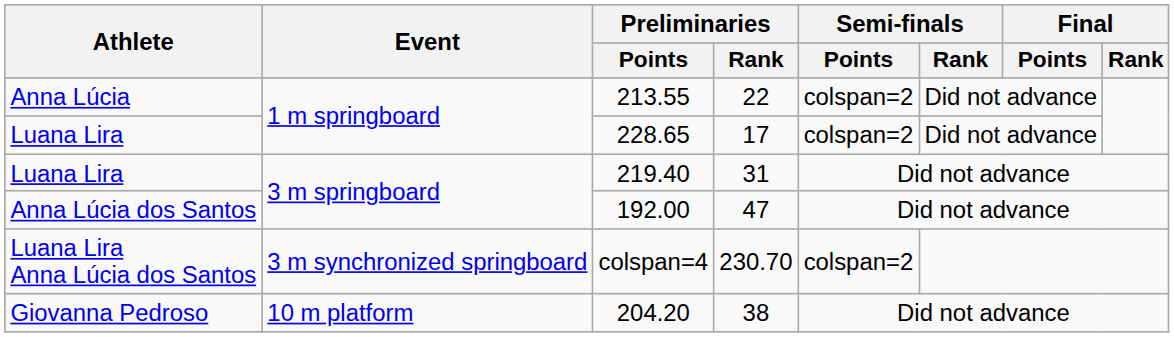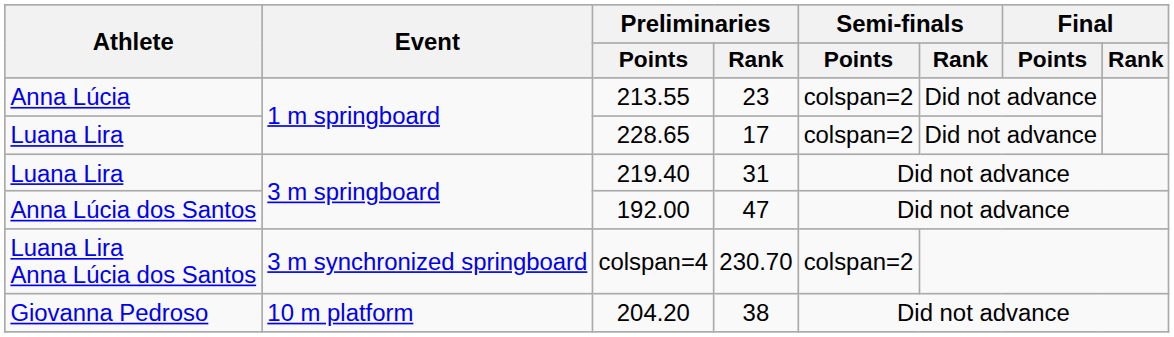 <table class="wikitable" style="text-align:center; font-size:90%;">
 <tr>
 <th rowspan=2>Athlete</th>
 <th rowspan=2>Event</th>
 <th colspan=2>Preliminaries</th>
 <th colspan=2>Semi-finals</th>
 <th colspan=2>Final</th>
 </tr>
 <tr style="font-size:95%">
 <th>Points</th>
 <th>Rank</th>
 <th>Points</th>
 <th>Rank</th>
 <th>Points</th>
 <th>Rank</th>
 </tr>
 <tr>
 <td align=left><a href='#'>Anna Lúcia </a></td>
 <td align=left rowspan=2><a href='#'>1 m springboard</a></td>
 <td>213.55</td>
-<td>22</td>
+<td>23</td>
 <td>colspan=2 </td>
 <td colspan=2>Did not advance</td>
 </tr>
 <tr>
 <td align=left><a href='#'>Luana Lira</a></td>
 <td>228.65</td>
 <td>17</td>
 <td>colspan=2 </td>
 <td colspan=2>Did not advance</td>
 </tr>
 <tr>
 <td align=left><a href='#'>Luana Lira</a></td>
 <td align=left rowspan=2><a href='#'>3 m springboard</a></td>
 <td>219.40</td>
 <td>31</td>
 <td colspan=4>Did not advance</td>
 </tr>
 <tr>
 <td align=left><a href='#'>Anna Lúcia dos Santos</a></td>
 <td>192.00</td>
 <td>47</td>
 <td colspan=4>Did not advance</td>
 </tr>
 <tr>
 <td align=left><a href='#'>Luana Lira</a><br><a href='#'>Anna Lúcia dos Santos</a></td>
 <td align=left><a href='#'>3 m synchronized springboard</a></td>
 <td>colspan=4 </td>
 <td>230.70</td>
 <td>colspan=2 </td>
 </tr>
 <tr>
 <td align=left><a href='#'>Giovanna Pedroso</a></td>
 <td align=left><a href='#'>10 m platform</a></td>
 <td>204.20</td>
 <td>38</td>
 <td colspan=4>Did not advance</td>
 </tr>
 </table>
